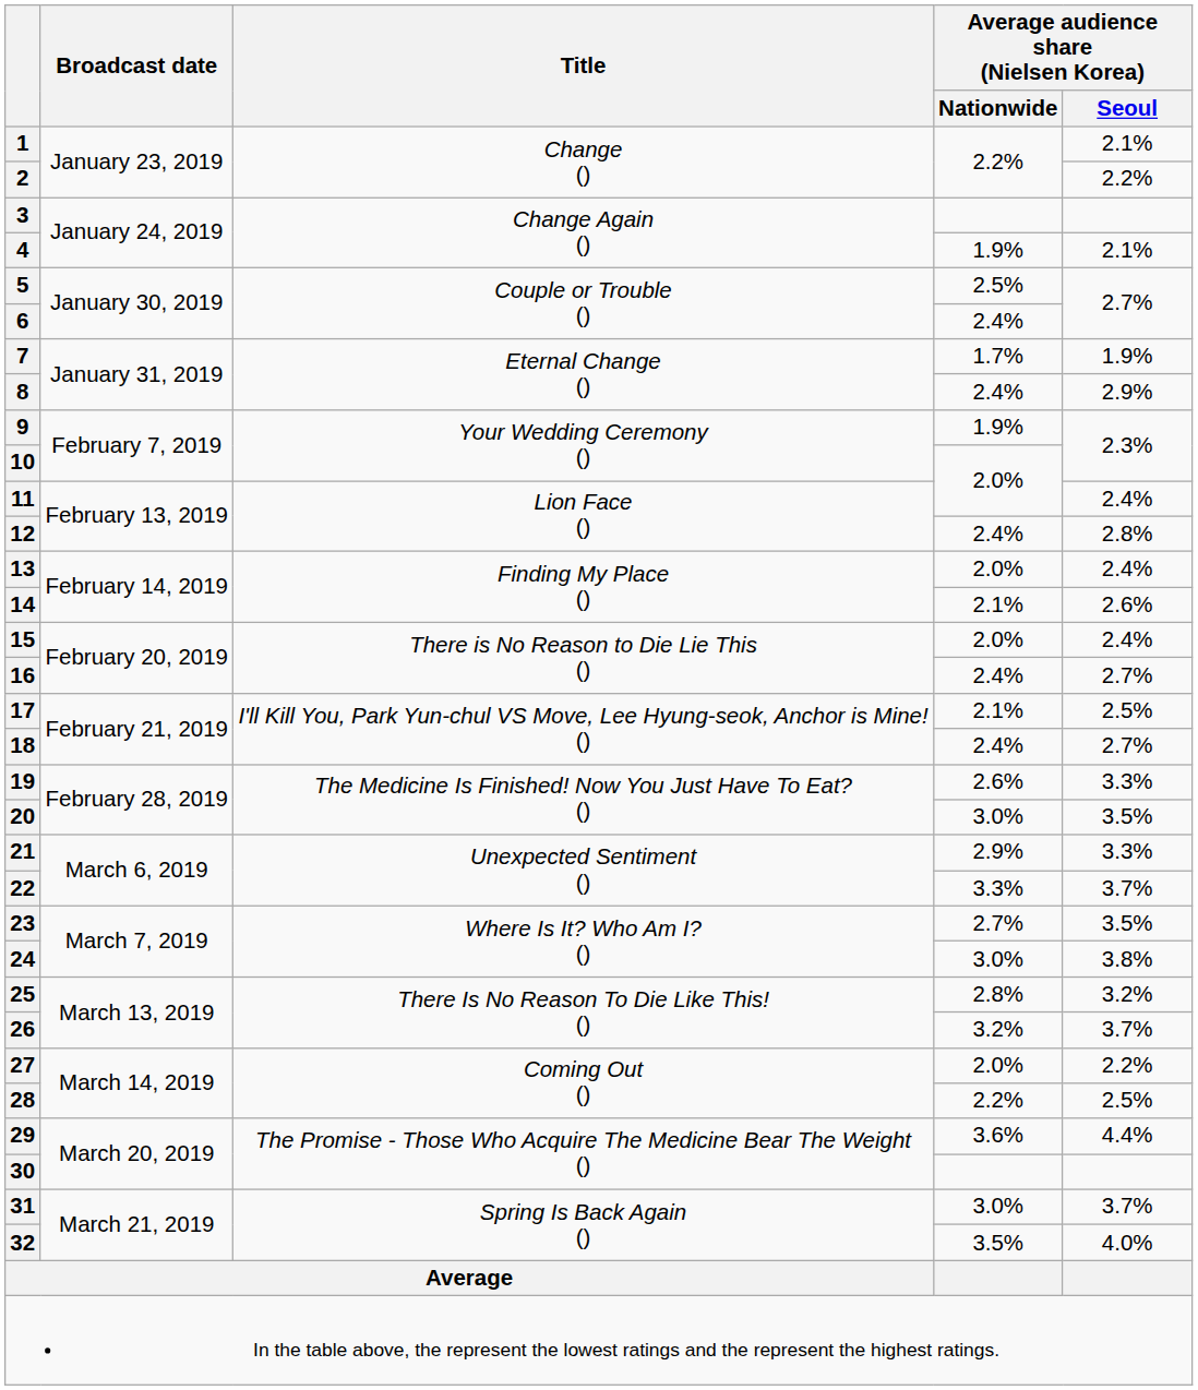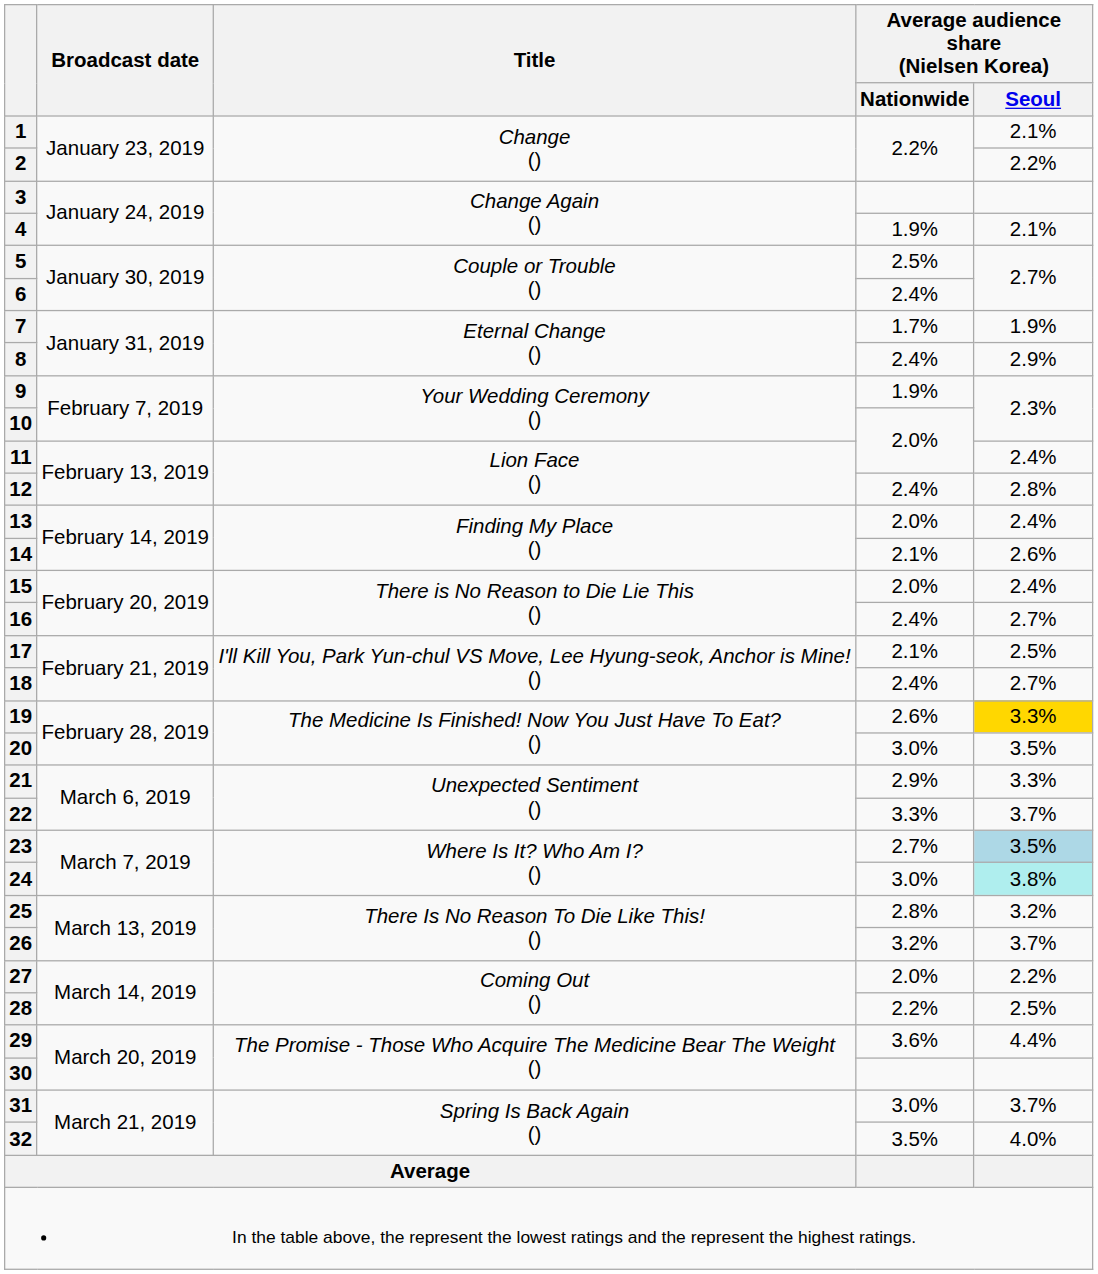 <table class="wikitable" style="text-align:center">
 <tr>
 <th rowspan="2"></th>
 <th rowspan="2">Broadcast date</th>
 <th rowspan="2">Title</th>
 <th colspan="2">Average audience share<br>(Nielsen Korea)</th>
 </tr>
 <tr>
 <th width="85">Nationwide</th>
 <th width="85"><a href='#'>Seoul</a></th>
 </tr>
 <tr>
 <th>1</th>
 <td rowspan="2">January 23, 2019</td>
 <td rowspan="2"><em>Change</em><br>()</td>
 <td rowspan="2">2.2%</td>
 <td>2.1%</td>
 </tr>
 <tr>
 <th>2</th>
 <td>2.2%</td>
 </tr>
 <tr>
 <th>3</th>
 <td rowspan="2">January 24, 2019</td>
 <td rowspan="2"><em>Change Again</em><br>()</td>
 <td></td>
 <td></td>
 </tr>
 <tr>
 <th>4</th>
 <td>1.9%</td>
 <td>2.1%</td>
 </tr>
 <tr>
 <th>5</th>
 <td rowspan="2">January 30, 2019</td>
 <td rowspan="2"><em>Couple or Trouble</em><br>()</td>
 <td>2.5%</td>
 <td rowspan="2">2.7%</td>
 </tr>
 <tr>
 <th>6</th>
 <td>2.4%</td>
 </tr>
 <tr>
 <th>7</th>
 <td rowspan="2">January 31, 2019</td>
 <td rowspan="2"><em>Eternal Change</em><br>()</td>
 <td>1.7%</td>
 <td>1.9%</td>
 </tr>
 <tr>
 <th>8</th>
 <td>2.4%</td>
 <td>2.9%</td>
 </tr>
 <tr>
 <th>9</th>
 <td rowspan="2">February 7, 2019</td>
 <td rowspan="2"><em>Your Wedding Ceremony</em><br>()</td>
 <td>1.9%</td>
 <td rowspan="2">2.3%</td>
 </tr>
 <tr>
 <th>10</th>
 <td rowspan="2">2.0%</td>
 </tr>
 <tr>
 <th>11</th>
 <td rowspan="2">February 13, 2019</td>
 <td rowspan="2"><em>Lion Face</em><br>()</td>
 <td>2.4%</td>
 </tr>
 <tr>
 <th>12</th>
 <td>2.4%</td>
 <td>2.8%</td>
 </tr>
 <tr>
 <th>13</th>
 <td rowspan="2">February 14, 2019</td>
 <td rowspan="2"><em>Finding My Place</em><br>()</td>
 <td>2.0%</td>
 <td>2.4%</td>
 </tr>
 <tr>
 <th>14</th>
 <td>2.1%</td>
 <td>2.6%</td>
 </tr>
 <tr>
 <th>15</th>
 <td rowspan="2">February 20, 2019</td>
 <td rowspan="2"><em>There is No Reason to Die Lie This</em><br>()</td>
 <td>2.0%</td>
 <td>2.4%</td>
 </tr>
 <tr>
 <th>16</th>
 <td>2.4%</td>
 <td>2.7%</td>
 </tr>
 <tr>
 <th>17</th>
 <td rowspan="2">February 21, 2019</td>
 <td rowspan="2"><em>I'll Kill You, Park Yun-chul VS Move, Lee Hyung-seok, Anchor is Mine!</em><br>()</td>
 <td>2.1%</td>
 <td>2.5%</td>
 </tr>
 <tr>
 <th>18</th>
 <td>2.4%</td>
 <td>2.7%</td>
 </tr>
 <tr>
 <th>19</th>
 <td rowspan="2">February 28, 2019</td>
 <td rowspan="2"><em>The Medicine Is Finished! Now You Just Have To Eat?</em><br>()</td>
 <td>2.6%</td>
-<td>3.3%</td>
+<td style="background: gold;">3.3%</td>
 </tr>
 <tr>
 <th>20</th>
 <td>3.0%</td>
 <td>3.5%</td>
 </tr>
 <tr>
 <th>21</th>
 <td rowspan="2">March 6, 2019</td>
 <td rowspan="2"><em>Unexpected Sentiment</em><br>()</td>
 <td>2.9%</td>
 <td>3.3%</td>
 </tr>
 <tr>
 <th>22</th>
 <td>3.3%</td>
 <td>3.7%</td>
 </tr>
 <tr>
 <th>23</th>
 <td rowspan="2">March 7, 2019</td>
 <td rowspan="2"><em>Where Is It? Who Am I?</em><br>()</td>
 <td>2.7%</td>
-<td>3.5%</td>
+<td style="background: lightblue;">3.5%</td>
 </tr>
 <tr>
 <th>24</th>
 <td>3.0%</td>
-<td>3.8%</td>
+<td style="background: paleturquoise;">3.8%</td>
 </tr>
 <tr>
 <th>25</th>
 <td rowspan="2">March 13, 2019</td>
 <td rowspan="2"><em>There Is No Reason To Die Like This!</em><br>()</td>
 <td>2.8%</td>
 <td>3.2%</td>
 </tr>
 <tr>
 <th>26</th>
 <td>3.2%</td>
 <td>3.7%</td>
 </tr>
 <tr>
 <th>27</th>
 <td rowspan="2">March 14, 2019</td>
 <td rowspan="2"><em>Coming Out</em><br>()</td>
 <td>2.0%</td>
 <td>2.2%</td>
 </tr>
 <tr>
 <th>28</th>
 <td>2.2%</td>
 <td>2.5%</td>
 </tr>
 <tr>
 <th>29</th>
 <td rowspan="2">March 20, 2019</td>
 <td rowspan="2"><em>The Promise - Those Who Acquire The Medicine Bear The Weight</em><br>()</td>
 <td>3.6%</td>
 <td>4.4%</td>
 </tr>
 <tr>
 <th>30</th>
 <td></td>
 <td></td>
 </tr>
 <tr>
 <th>31</th>
 <td rowspan="2">March 21, 2019</td>
 <td rowspan="2"><em>Spring Is Back Again</em><br>()</td>
 <td>3.0%</td>
 <td>3.7%</td>
 </tr>
 <tr>
 <th>32</th>
 <td>3.5%</td>
 <td>4.0%</td>
 </tr>
 <tr>
 <th colspan="3">Average</th>
 <th></th>
 <th></th>
 </tr>
 <tr>
 <td colspan="5" style="font-size:85%"><br><ul><li>In the table above, the <strong></strong> represent the lowest ratings and the <strong></strong> represent the highest ratings.</li></ul></td>
 </tr>
 </table>
